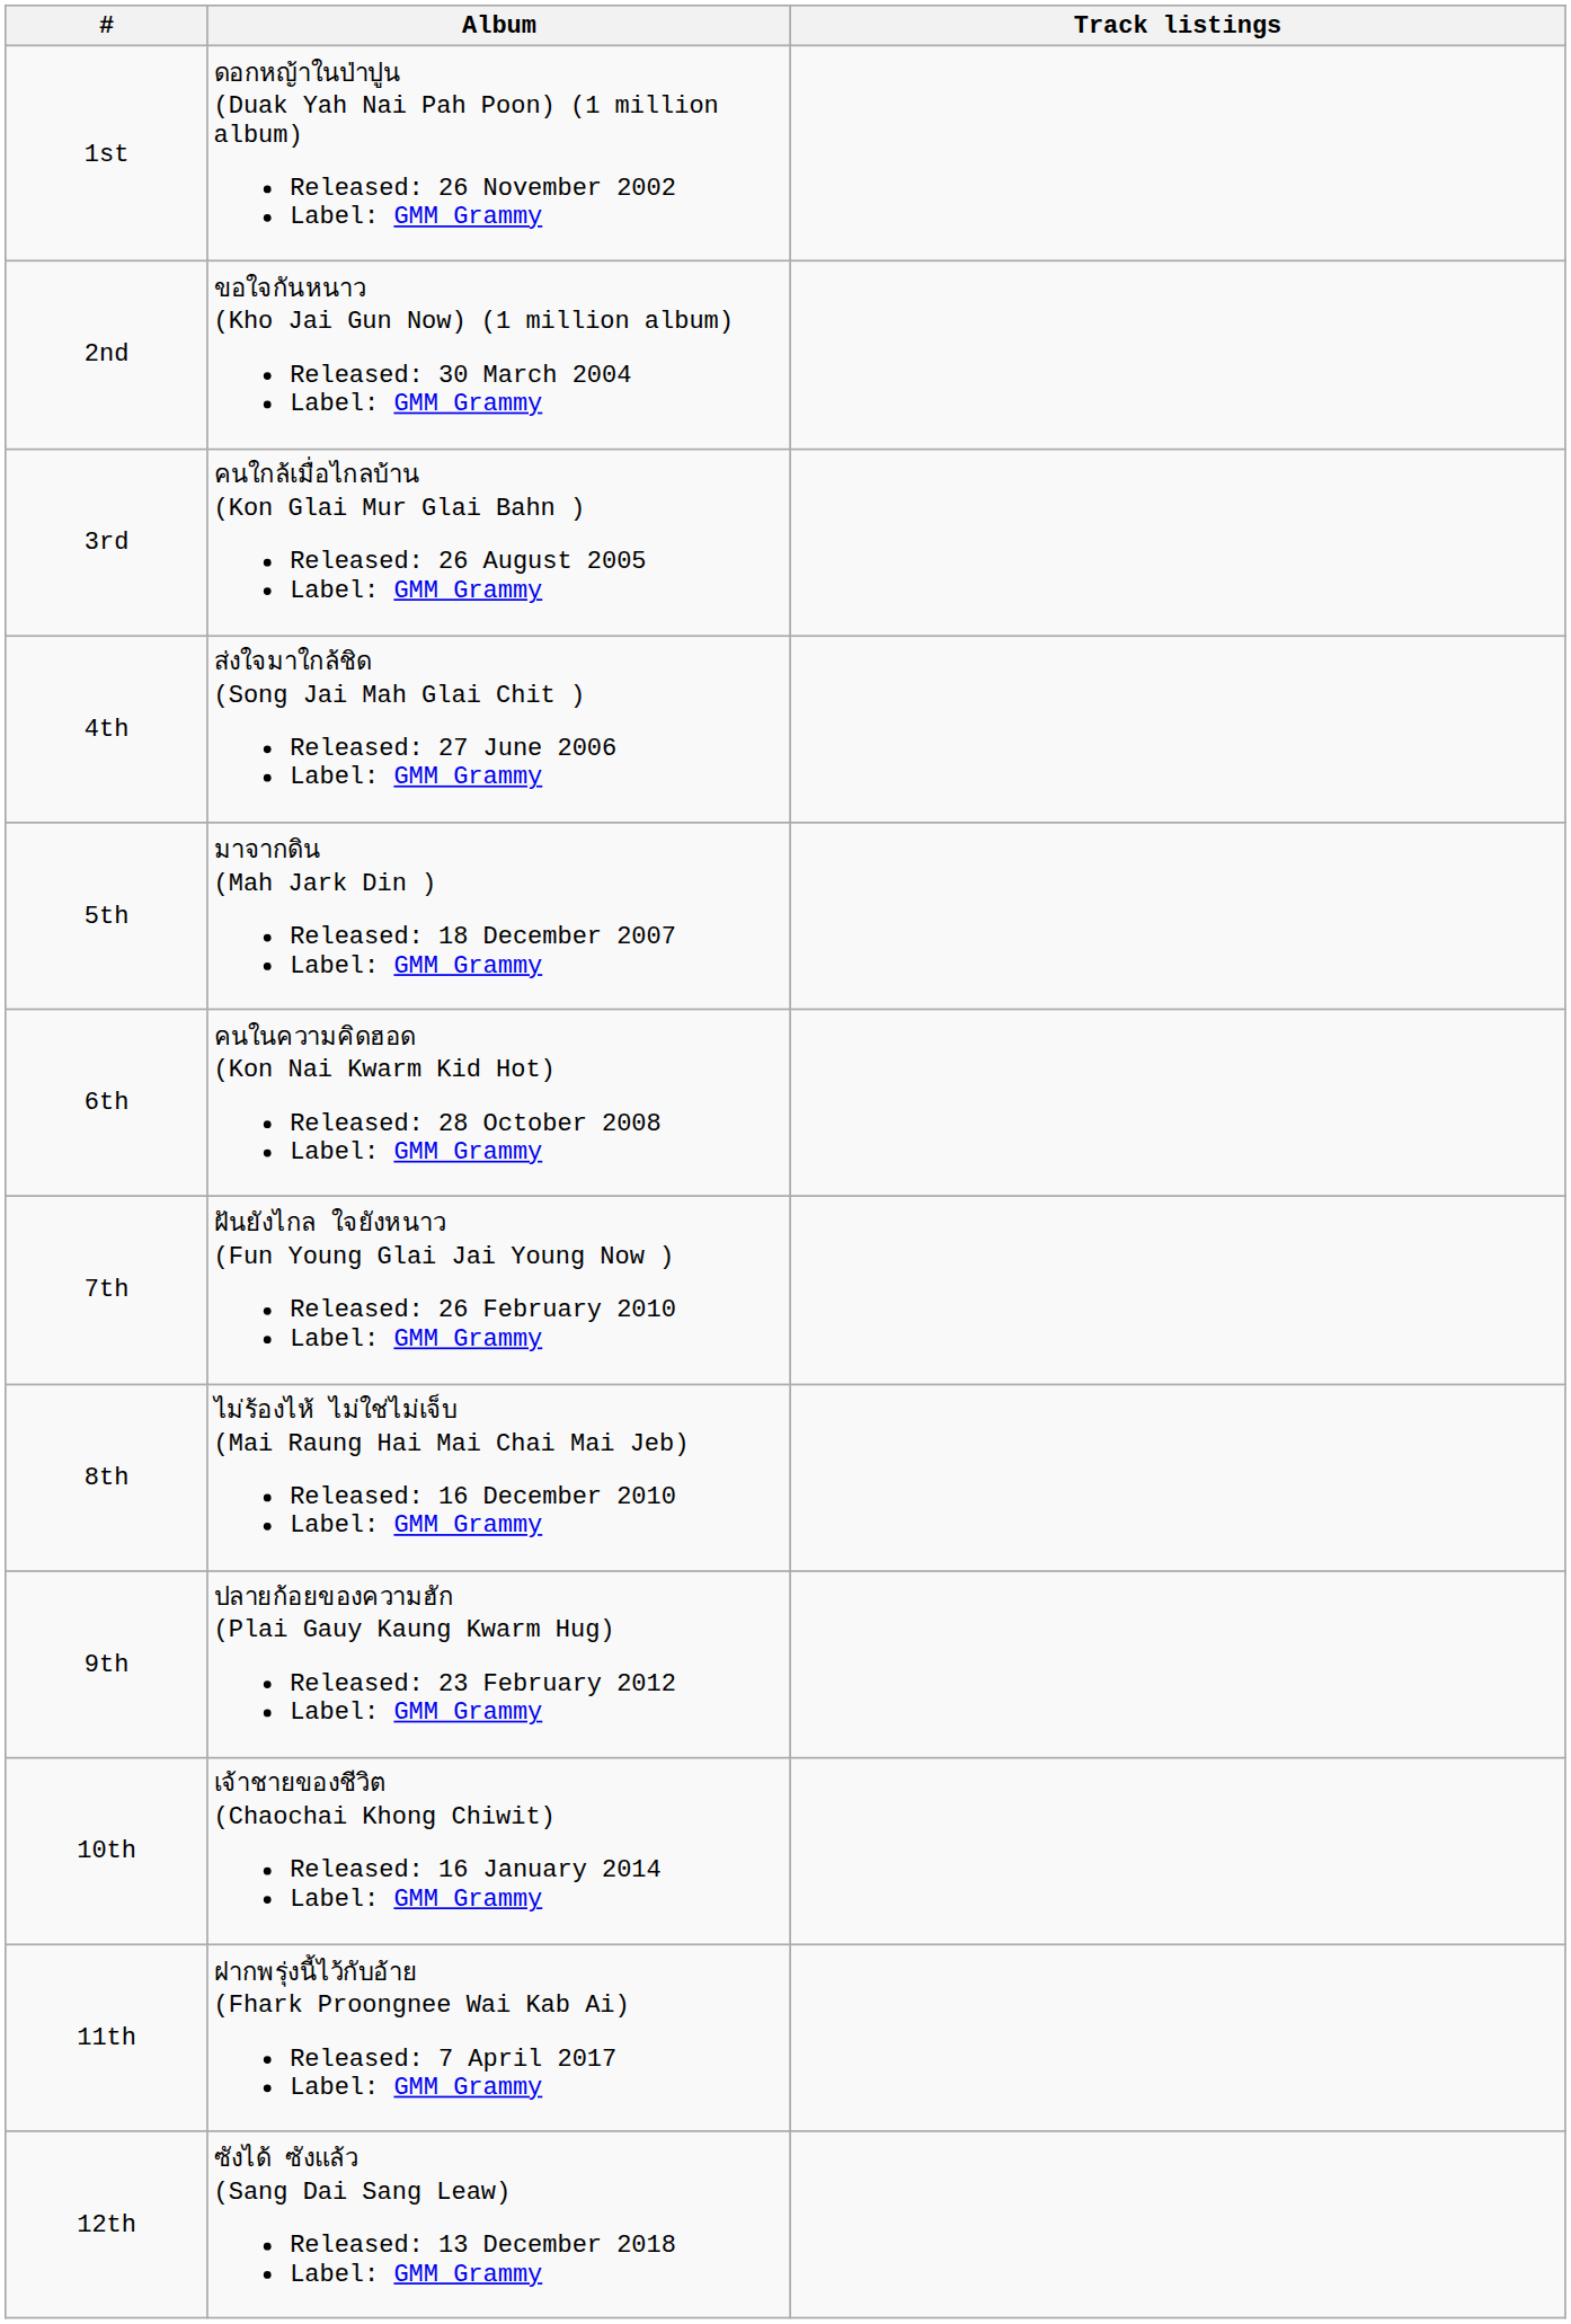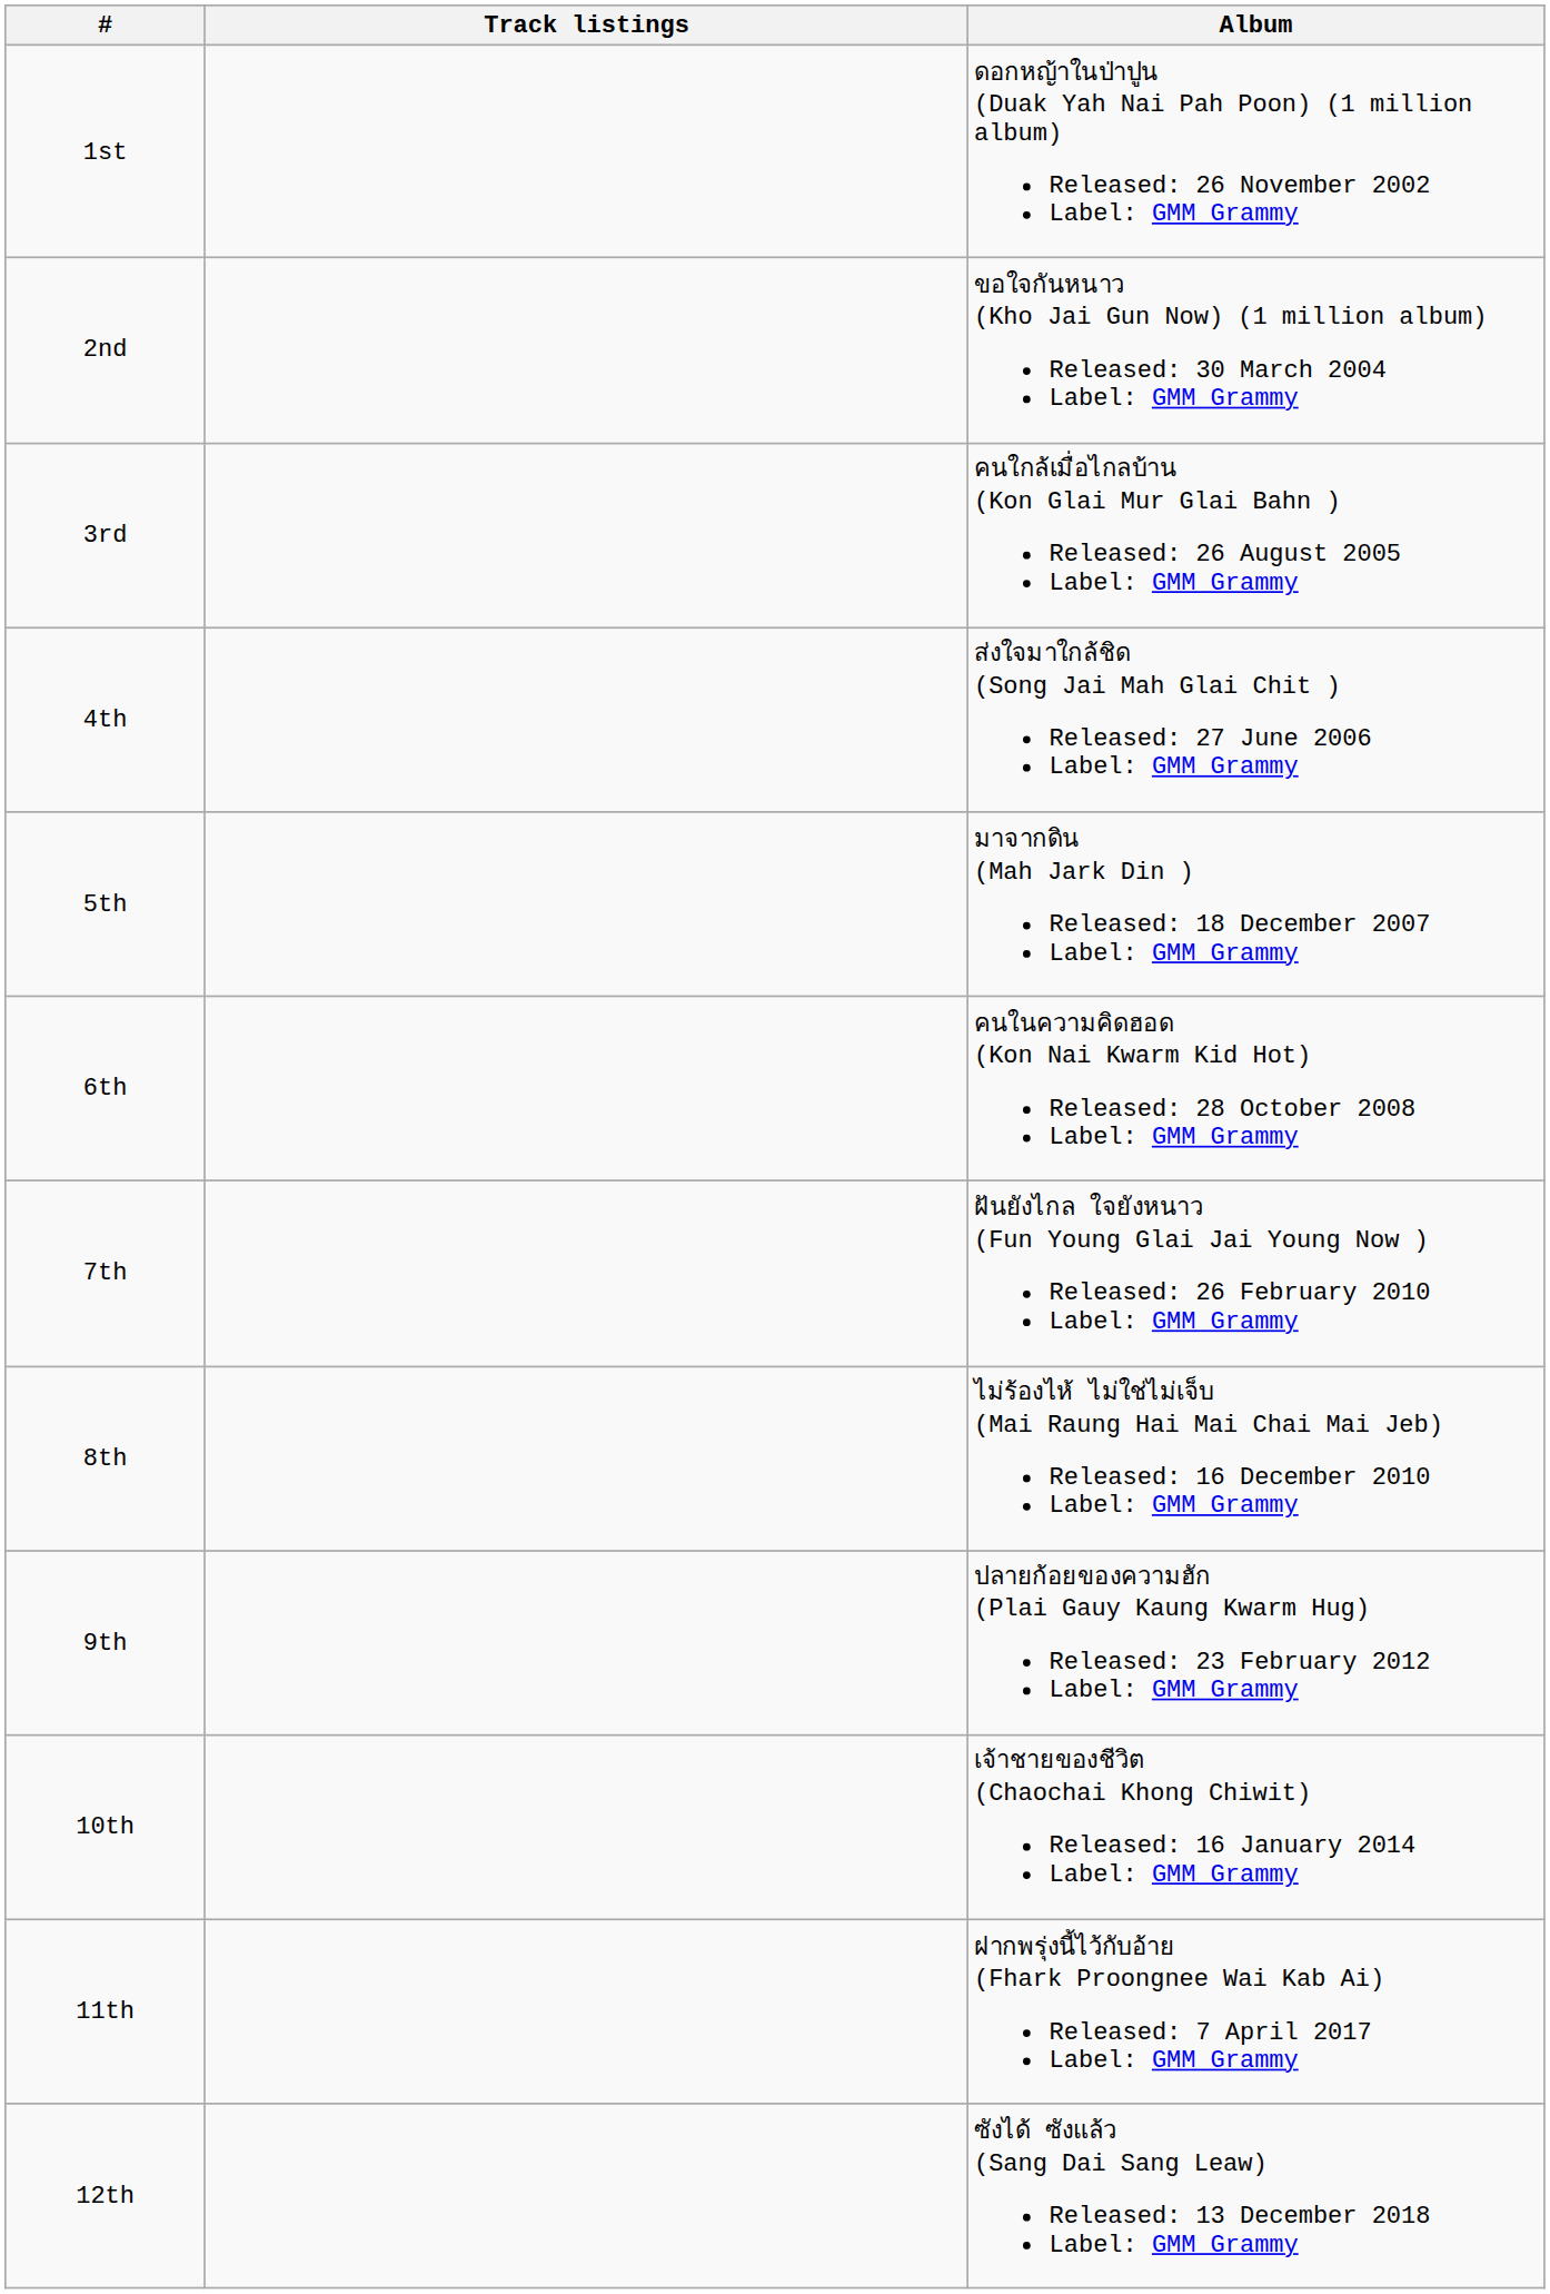 <table class="wikitable">
 <tr>
 <th width="100">#</th>
+<th width="400">Track listings</th>
 <th width="300">Album</th>
-<th width="400">Track listings</th>
 </tr>
 <tr>
 <td style="text-align:center;">1st</td>
+<td></td>
 <td>ดอกหญ้าในป่าปูน<br>(Duak Yah Nai Pah Poon) (1 million album)<ul><li>Released: 26 November 2002</li><li>Label: <a href='#'>GMM Grammy</a></li></ul></td>
-<td></td>
 </tr>
 <tr>
 <td style="text-align:center;">2nd</td>
+<td></td>
 <td>ขอใจกันหนาว<br>(Kho Jai Gun Now) (1 million album)<ul><li>Released: 30 March 2004</li><li>Label: <a href='#'>GMM Grammy</a></li></ul></td>
-<td></td>
 </tr>
 <tr>
 <td style="text-align:center;">3rd</td>
+<td></td>
 <td>คนใกล้เมื่อไกลบ้าน<br>(Kon Glai Mur Glai Bahn )<ul><li>Released: 26 August 2005</li><li>Label: <a href='#'>GMM Grammy</a></li></ul></td>
-<td></td>
 </tr>
 <tr>
 <td style="text-align:center;">4th</td>
+<td></td>
 <td>ส่งใจมาใกล้ชิด<br>(Song Jai Mah Glai Chit )<ul><li>Released: 27 June 2006</li><li>Label: <a href='#'>GMM Grammy</a></li></ul></td>
-<td></td>
 </tr>
 <tr>
 <td style="text-align:center;">5th</td>
+<td></td>
 <td>มาจากดิน<br>(Mah Jark Din )<ul><li>Released: 18 December 2007</li><li>Label: <a href='#'>GMM Grammy</a></li></ul></td>
-<td></td>
 </tr>
 <tr>
 <td style="text-align:center;">6th</td>
+<td></td>
 <td>คนในความคิดฮอด<br>(Kon Nai Kwarm Kid Hot)<ul><li>Released: 28 October 2008</li><li>Label: <a href='#'>GMM Grammy</a></li></ul></td>
-<td></td>
 </tr>
 <tr>
 <td style="text-align:center;">7th</td>
+<td></td>
 <td>ฝันยังไกล ใจยังหนาว<br>(Fun Young Glai Jai Young Now )<ul><li>Released: 26 February 2010</li><li>Label: <a href='#'>GMM Grammy</a></li></ul></td>
-<td></td>
 </tr>
 <tr>
 <td style="text-align:center;">8th</td>
+<td></td>
 <td>ไม่ร้องไห้ ไม่ใช่ไม่เจ็บ<br>(Mai Raung Hai Mai Chai Mai Jeb)<ul><li>Released: 16 December 2010</li><li>Label: <a href='#'>GMM Grammy</a></li></ul></td>
-<td></td>
 </tr>
 <tr>
 <td style="text-align:center;">9th</td>
+<td></td>
 <td>ปลายก้อยของความฮัก<br>(Plai Gauy Kaung Kwarm Hug)<ul><li>Released: 23 February 2012</li><li>Label: <a href='#'>GMM Grammy</a></li></ul></td>
-<td></td>
 </tr>
 <tr>
 <td style="text-align:center;">10th</td>
+<td></td>
 <td>เจ้าชายของชีวิต<br>(Chaochai Khong Chiwit)<ul><li>Released: 16 January 2014</li><li>Label: <a href='#'>GMM Grammy</a></li></ul></td>
-<td></td>
 </tr>
 <tr>
 <td style="text-align:center;">11th</td>
+<td></td>
 <td>ฝากพรุ่งนี้ไว้กับอ้าย<br>(Fhark Proongnee Wai Kab Ai)<ul><li>Released: 7 April 2017</li><li>Label: <a href='#'>GMM Grammy</a></li></ul></td>
-<td></td>
 </tr>
 <tr>
 <td style="text-align:center;">12th</td>
+<td></td>
 <td>ซังได้ ซังแล้ว<br>(Sang Dai Sang Leaw)<ul><li>Released: 13 December 2018</li><li>Label: <a href='#'>GMM Grammy</a></li></ul></td>
-<td></td>
 </tr>
 </table>
